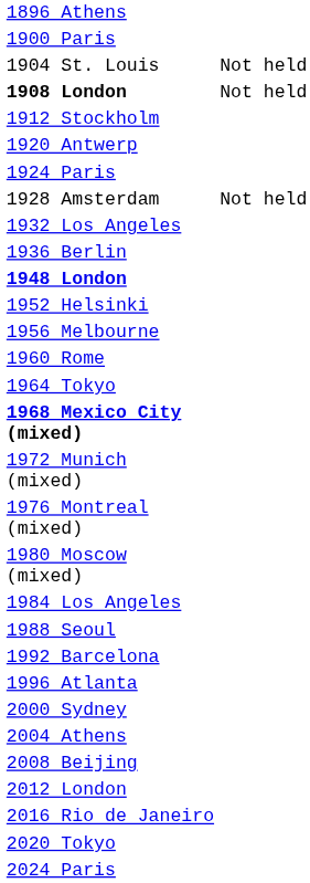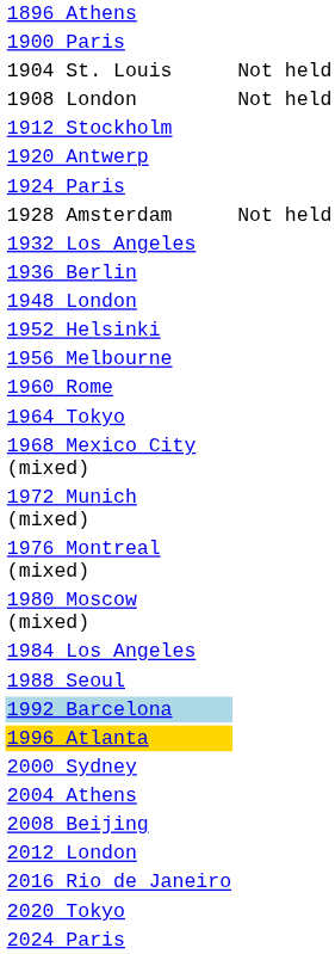 <table>
 <tr>
 <td><a href='#'>1896 Athens</a><br></td>
 <td></td>
 <td></td>
 <td></td>
 </tr>
 <tr>
 <td><a href='#'>1900 Paris</a><br></td>
 <td></td>
 <td></td>
 <td></td>
 </tr>
 <tr>
 <td>1904 St. Louis</td>
 <td colspan=3 align=center>Not held</td>
 </tr>
 <tr>
-<td><strong>1908 London</strong></td>
+<td>1908 London</td>
 <td colspan=3 align=center>Not held</td>
 </tr>
 <tr>
 <td><a href='#'>1912 Stockholm</a><br></td>
 <td></td>
 <td></td>
 <td></td>
 </tr>
 <tr>
 <td><a href='#'>1920 Antwerp</a><br></td>
 <td></td>
 <td></td>
 <td></td>
 </tr>
 <tr>
 <td><a href='#'>1924 Paris</a><br></td>
 <td></td>
 <td></td>
 <td></td>
 </tr>
 <tr>
 <td>1928 Amsterdam</td>
 <td colspan=3 align=center>Not held</td>
 </tr>
 <tr>
 <td><a href='#'>1932 Los Angeles</a><br></td>
 <td></td>
 <td></td>
 <td></td>
 </tr>
 <tr>
 <td><a href='#'>1936 Berlin</a><br></td>
 <td></td>
 <td></td>
 <td></td>
 </tr>
 <tr>
-<td><strong><a href='#'>1948 London</a><br></strong></td>
+<td><a href='#'>1948 London</a><br></td>
 <td></td>
 <td></td>
 <td></td>
 </tr>
 <tr>
 <td><a href='#'>1952 Helsinki</a><br></td>
 <td></td>
 <td></td>
 <td></td>
 </tr>
 <tr>
 <td><a href='#'>1956 Melbourne</a><br></td>
 <td></td>
 <td></td>
 <td></td>
 </tr>
 <tr>
 <td><a href='#'>1960 Rome</a><br></td>
 <td></td>
 <td></td>
 <td></td>
 </tr>
 <tr>
 <td><a href='#'>1964 Tokyo</a><br></td>
 <td></td>
 <td></td>
 <td></td>
 </tr>
 <tr>
-<td><strong><a href='#'>1968 Mexico City</a><br> (mixed)</strong></td>
+<td><a href='#'>1968 Mexico City</a><br> (mixed)</td>
 <td></td>
 <td></td>
 <td></td>
 </tr>
 <tr>
 <td><a href='#'>1972 Munich</a><br> (mixed)</td>
 <td></td>
 <td></td>
 <td></td>
 </tr>
 <tr>
 <td><a href='#'>1976 Montreal</a><br> (mixed)</td>
 <td></td>
 <td></td>
 <td></td>
 </tr>
 <tr>
 <td><a href='#'>1980 Moscow</a><br> (mixed)</td>
 <td></td>
 <td></td>
 <td></td>
 </tr>
 <tr>
 <td><a href='#'>1984 Los Angeles</a><br></td>
 <td></td>
 <td></td>
 <td></td>
 </tr>
 <tr>
 <td><a href='#'>1988 Seoul</a><br></td>
 <td></td>
 <td></td>
 <td></td>
 </tr>
 <tr>
-<td><a href='#'>1992 Barcelona</a><br></td>
+<td style="background: lightblue;"><a href='#'>1992 Barcelona</a><br></td>
 <td></td>
 <td></td>
 <td></td>
 </tr>
 <tr>
-<td><a href='#'>1996 Atlanta</a><br></td>
+<td style="background: gold;"><a href='#'>1996 Atlanta</a><br></td>
 <td></td>
 <td></td>
 <td></td>
 </tr>
 <tr>
 <td><a href='#'>2000 Sydney</a><br></td>
 <td></td>
 <td></td>
 <td></td>
 </tr>
 <tr>
 <td><a href='#'>2004 Athens</a><br></td>
 <td></td>
 <td></td>
 <td></td>
 </tr>
 <tr>
 <td><a href='#'>2008 Beijing</a><br></td>
 <td></td>
 <td></td>
 <td></td>
 </tr>
 <tr>
 <td><a href='#'>2012 London</a><br></td>
 <td></td>
 <td></td>
 <td></td>
 </tr>
 <tr>
 <td><a href='#'>2016 Rio de Janeiro</a><br></td>
 <td></td>
 <td></td>
 <td></td>
 </tr>
 <tr>
 <td><a href='#'>2020 Tokyo</a><br></td>
 <td></td>
 <td></td>
 <td></td>
 </tr>
 <tr>
 <td><a href='#'>2024 Paris</a><br></td>
 <td></td>
 <td></td>
 <td></td>
 </tr>
 </table>
